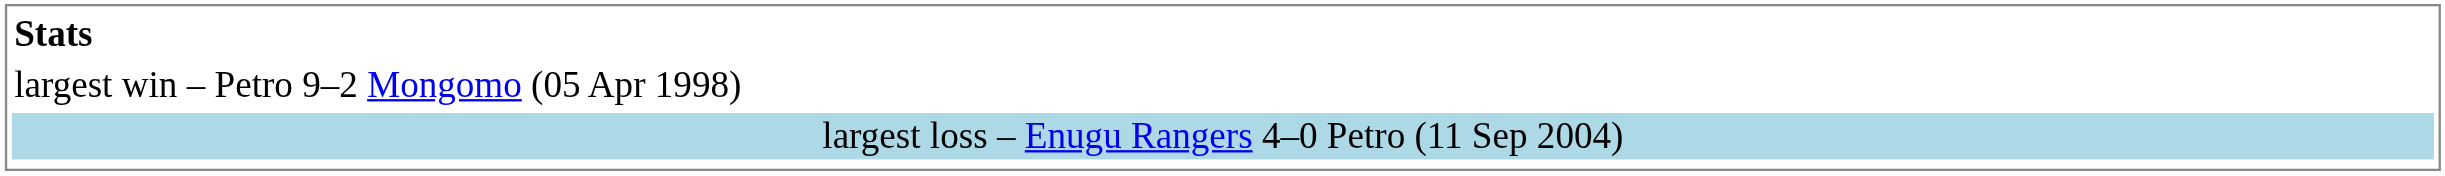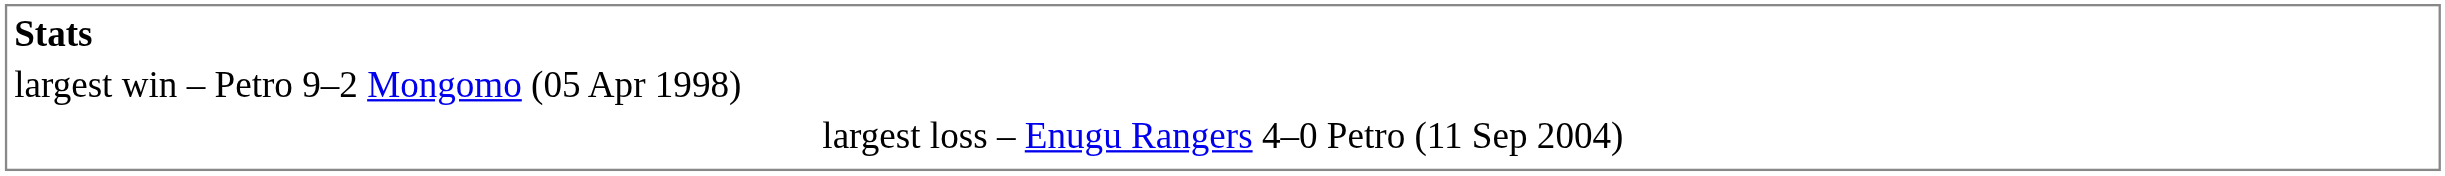 <table width=1050px style="float:right; clear:right; border:1px #888 solid; margin-left:1em;">
 <tr>
 <td> <strong>Stats</strong></td>
 </tr>
 <tr>
 <td> largest win – Petro  9–2  <a href='#'>Mongomo</a> (05 Apr 1998)</td>
 </tr>
 <tr>
-<td align=center style="background: lightblue;">largest loss – <a href='#'>Enugu Rangers</a>  4–0  Petro (11 Sep 2004)</td>
+<td align=center>largest loss – <a href='#'>Enugu Rangers</a>  4–0  Petro (11 Sep 2004)</td>
 </tr>
 <tr>
 </tr>
 </table>
